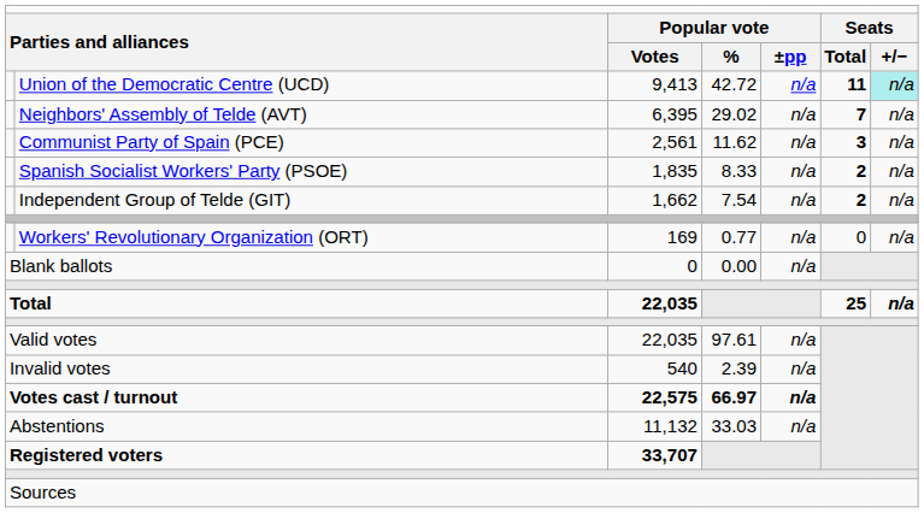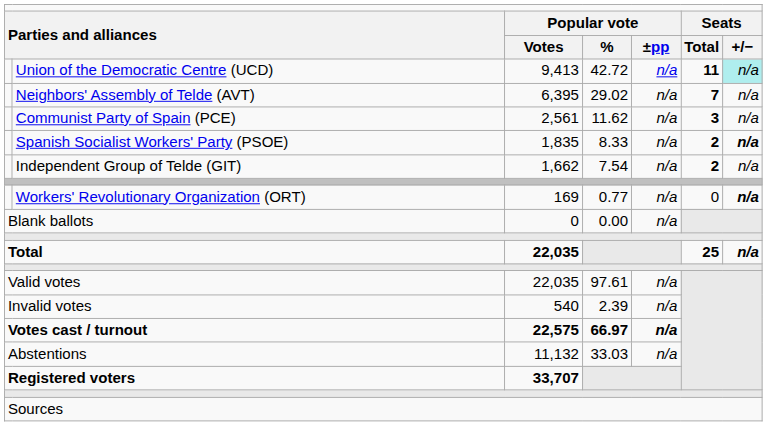 <table class="wikitable" style="text-align:right;">
 <tr>
 <td colspan="7"></td>
 </tr>
 <tr>
 <th style="text-align:left;" rowspan="2" colspan="2" width="525">Parties and alliances</th>
 <th colspan="3">Popular vote</th>
 <th colspan="2">Seats</th>
 </tr>
 <tr>
 <th width="75">Votes</th>
 <th width="45">%</th>
 <th width="45">±<a href='#'>pp</a></th>
 <th width="35">Total</th>
 <th width="35">+/−</th>
 </tr>
 <tr>
 <td width="1" style="color:inherit;background:"></td>
 <td align="left"><a href='#'>Union of the Democratic Centre</a> (UCD)</td>
 <td>9,413</td>
 <td>42.72</td>
 <td><em><a href='#'>n/a</a></em></td>
 <td><strong>11</strong></td>
 <td style="background: paleturquoise;"><em>n/a</em></td>
 </tr>
 <tr>
 <td style="color:inherit;background:"></td>
 <td align="left"><a href='#'>Neighbors' Assembly of Telde</a> (AVT)</td>
 <td>6,395</td>
 <td>29.02</td>
 <td><em>n/a</em></td>
 <td><strong>7</strong></td>
 <td><em>n/a</em></td>
 </tr>
 <tr>
 <td style="color:inherit;background:"></td>
 <td align="left"><a href='#'>Communist Party of Spain</a> (PCE)</td>
 <td>2,561</td>
 <td>11.62</td>
 <td><em>n/a</em></td>
 <td><strong>3</strong></td>
 <td><em>n/a</em></td>
 </tr>
 <tr>
 <td style="color:inherit;background:"></td>
 <td align="left"><a href='#'>Spanish Socialist Workers' Party</a> (PSOE)</td>
 <td>1,835</td>
 <td>8.33</td>
 <td><em>n/a</em></td>
 <td><strong>2</strong></td>
-<td><em>n/a</em></td>
+<td><strong><em>n/a</em></strong></td>
 </tr>
 <tr>
 <td style="color:inherit;background:"></td>
 <td align="left">Independent Group of Telde (GIT)</td>
 <td>1,662</td>
 <td>7.54</td>
 <td><em>n/a</em></td>
 <td><strong>2</strong></td>
 <td><em>n/a</em></td>
 </tr>
 <tr>
 <td colspan="7" bgcolor="#C0C0C0"></td>
 </tr>
 <tr>
 <td style="color:inherit;background:"></td>
 <td align="left"><a href='#'>Workers' Revolutionary Organization</a> (ORT)</td>
 <td>169</td>
 <td>0.77</td>
 <td><em>n/a</em></td>
 <td>0</td>
-<td><em>n/a</em></td>
+<td><strong><em>n/a</em></strong></td>
 </tr>
 <tr>
 <td align="left" colspan="2">Blank ballots</td>
 <td>0</td>
 <td>0.00</td>
 <td><em>n/a</em></td>
 <td bgcolor="#E9E9E9" colspan="2"></td>
 </tr>
 <tr>
 <td colspan="7" bgcolor="#E9E9E9"></td>
 </tr>
 <tr style="font-weight:bold;">
 <td align="left" colspan="2">Total</td>
 <td>22,035</td>
 <td bgcolor="#E9E9E9" colspan="2"></td>
 <td>25</td>
 <td><em>n/a</em></td>
 </tr>
 <tr>
 <td colspan="7" bgcolor="#E9E9E9"></td>
 </tr>
 <tr>
 <td align="left" colspan="2">Valid votes</td>
 <td>22,035</td>
 <td>97.61</td>
 <td><em>n/a</em></td>
 <td bgcolor="#E9E9E9" colspan="2" rowspan="5"></td>
 </tr>
 <tr>
 <td align="left" colspan="2">Invalid votes</td>
 <td>540</td>
 <td>2.39</td>
 <td><em>n/a</em></td>
 </tr>
 <tr style="font-weight:bold;">
 <td align="left" colspan="2">Votes cast / turnout</td>
 <td>22,575</td>
 <td>66.97</td>
 <td><em>n/a</em></td>
 </tr>
 <tr>
 <td align="left" colspan="2">Abstentions</td>
 <td>11,132</td>
 <td>33.03</td>
 <td><em>n/a</em></td>
 </tr>
 <tr style="font-weight:bold;">
 <td align="left" colspan="2">Registered voters</td>
 <td>33,707</td>
 <td bgcolor="#E9E9E9" colspan="2"></td>
 </tr>
 <tr>
 <td colspan="7" bgcolor="#E9E9E9"></td>
 </tr>
 <tr>
 <td align="left" colspan="7">Sources</td>
 </tr>
 </table>
